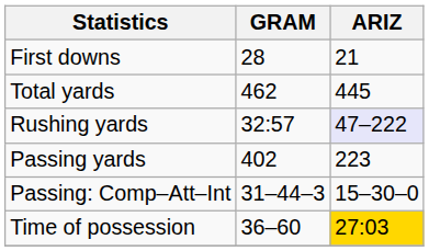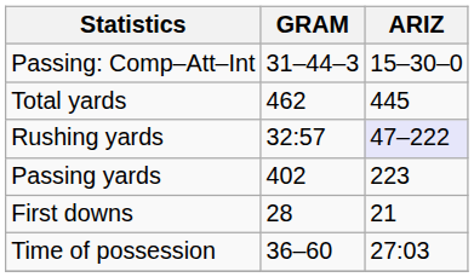 <table class="wikitable" style="float: left;">
 <tr>
 <th>Statistics</th>
 <th>GRAM</th>
 <th>ARIZ</th>
 </tr>
 <tr>
-<td>First downs</td>
-<td>28</td>
-<td>21</td>
+<td>Passing: Comp–Att–Int</td>
+<td>31–44–3</td>
+<td>15–30–0</td>
 </tr>
 <tr>
 <td>Total yards</td>
 <td>462</td>
 <td>445</td>
 </tr>
 <tr>
 <td>Rushing yards</td>
 <td>32:57</td>
 <td style="background: lavender;">47–222</td>
 </tr>
 <tr>
 <td>Passing yards</td>
 <td>402</td>
 <td>223</td>
 </tr>
 <tr>
-<td>Passing: Comp–Att–Int</td>
-<td>31–44–3</td>
-<td>15–30–0</td>
+<td>First downs</td>
+<td>28</td>
+<td>21</td>
 </tr>
 <tr>
 <td>Time of possession</td>
 <td>36–60</td>
-<td style="background: gold;">27:03</td>
+<td>27:03</td>
 </tr>
 <tr>
 </tr>
 </table>
